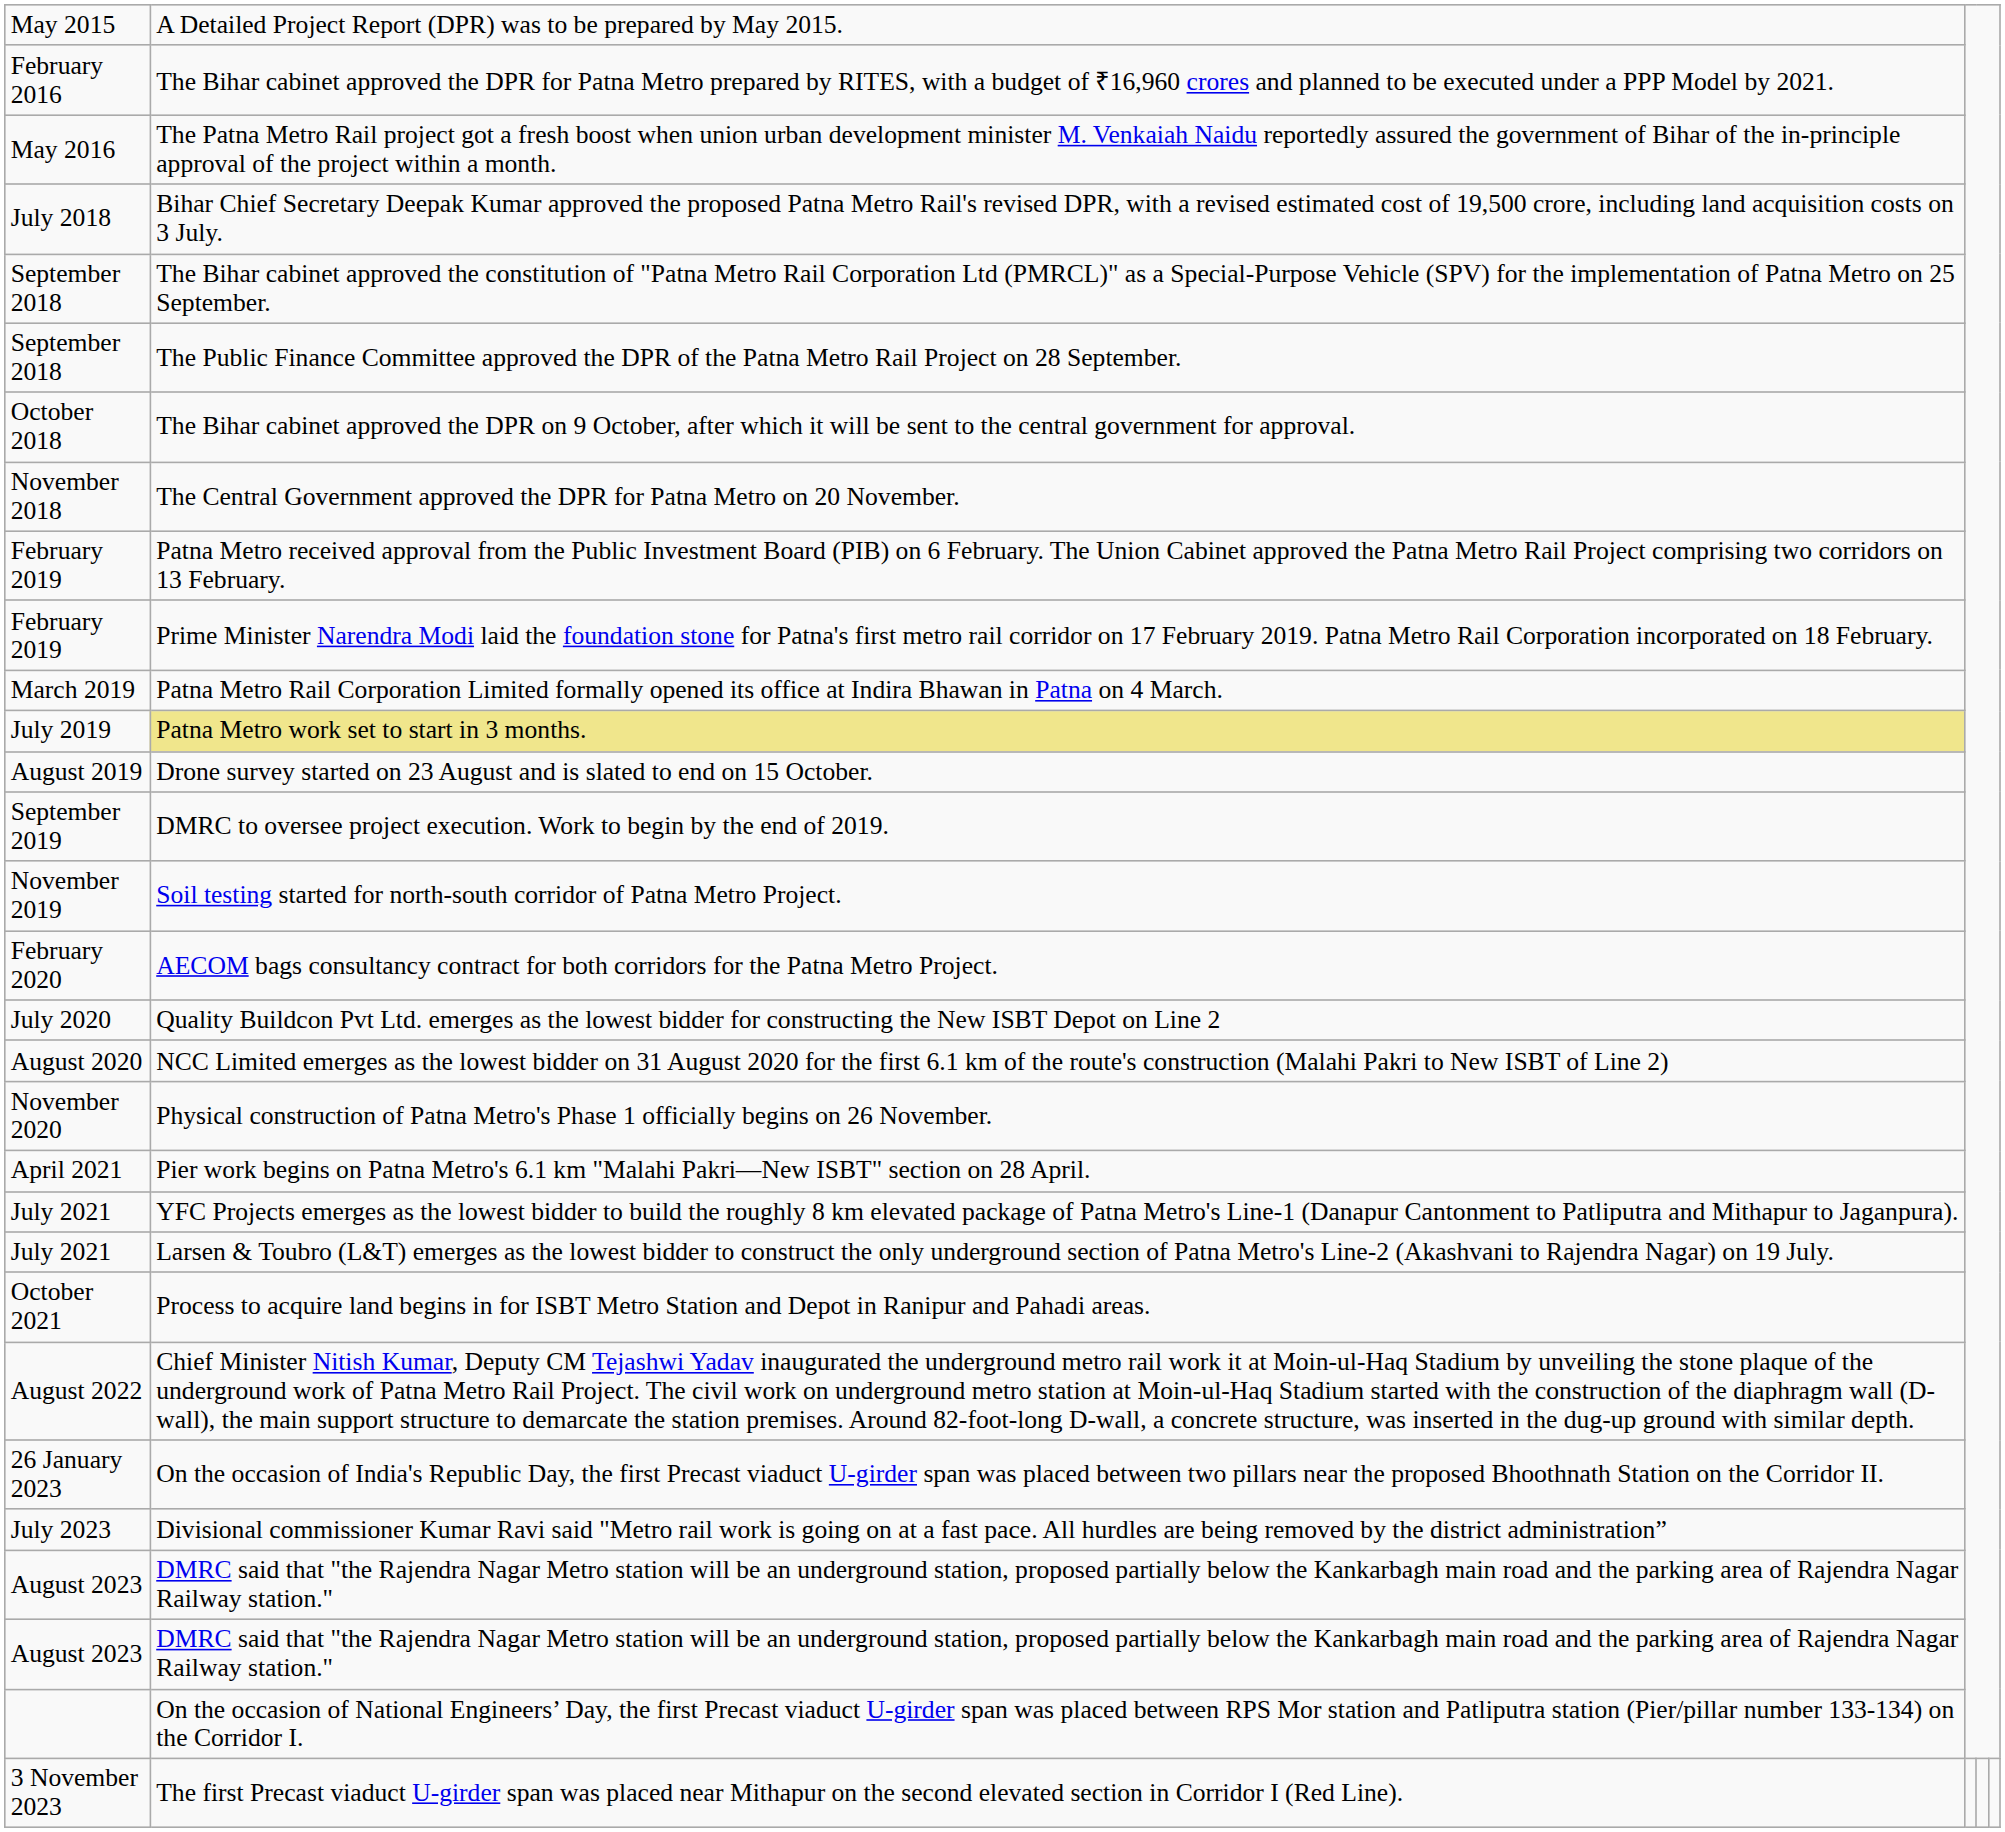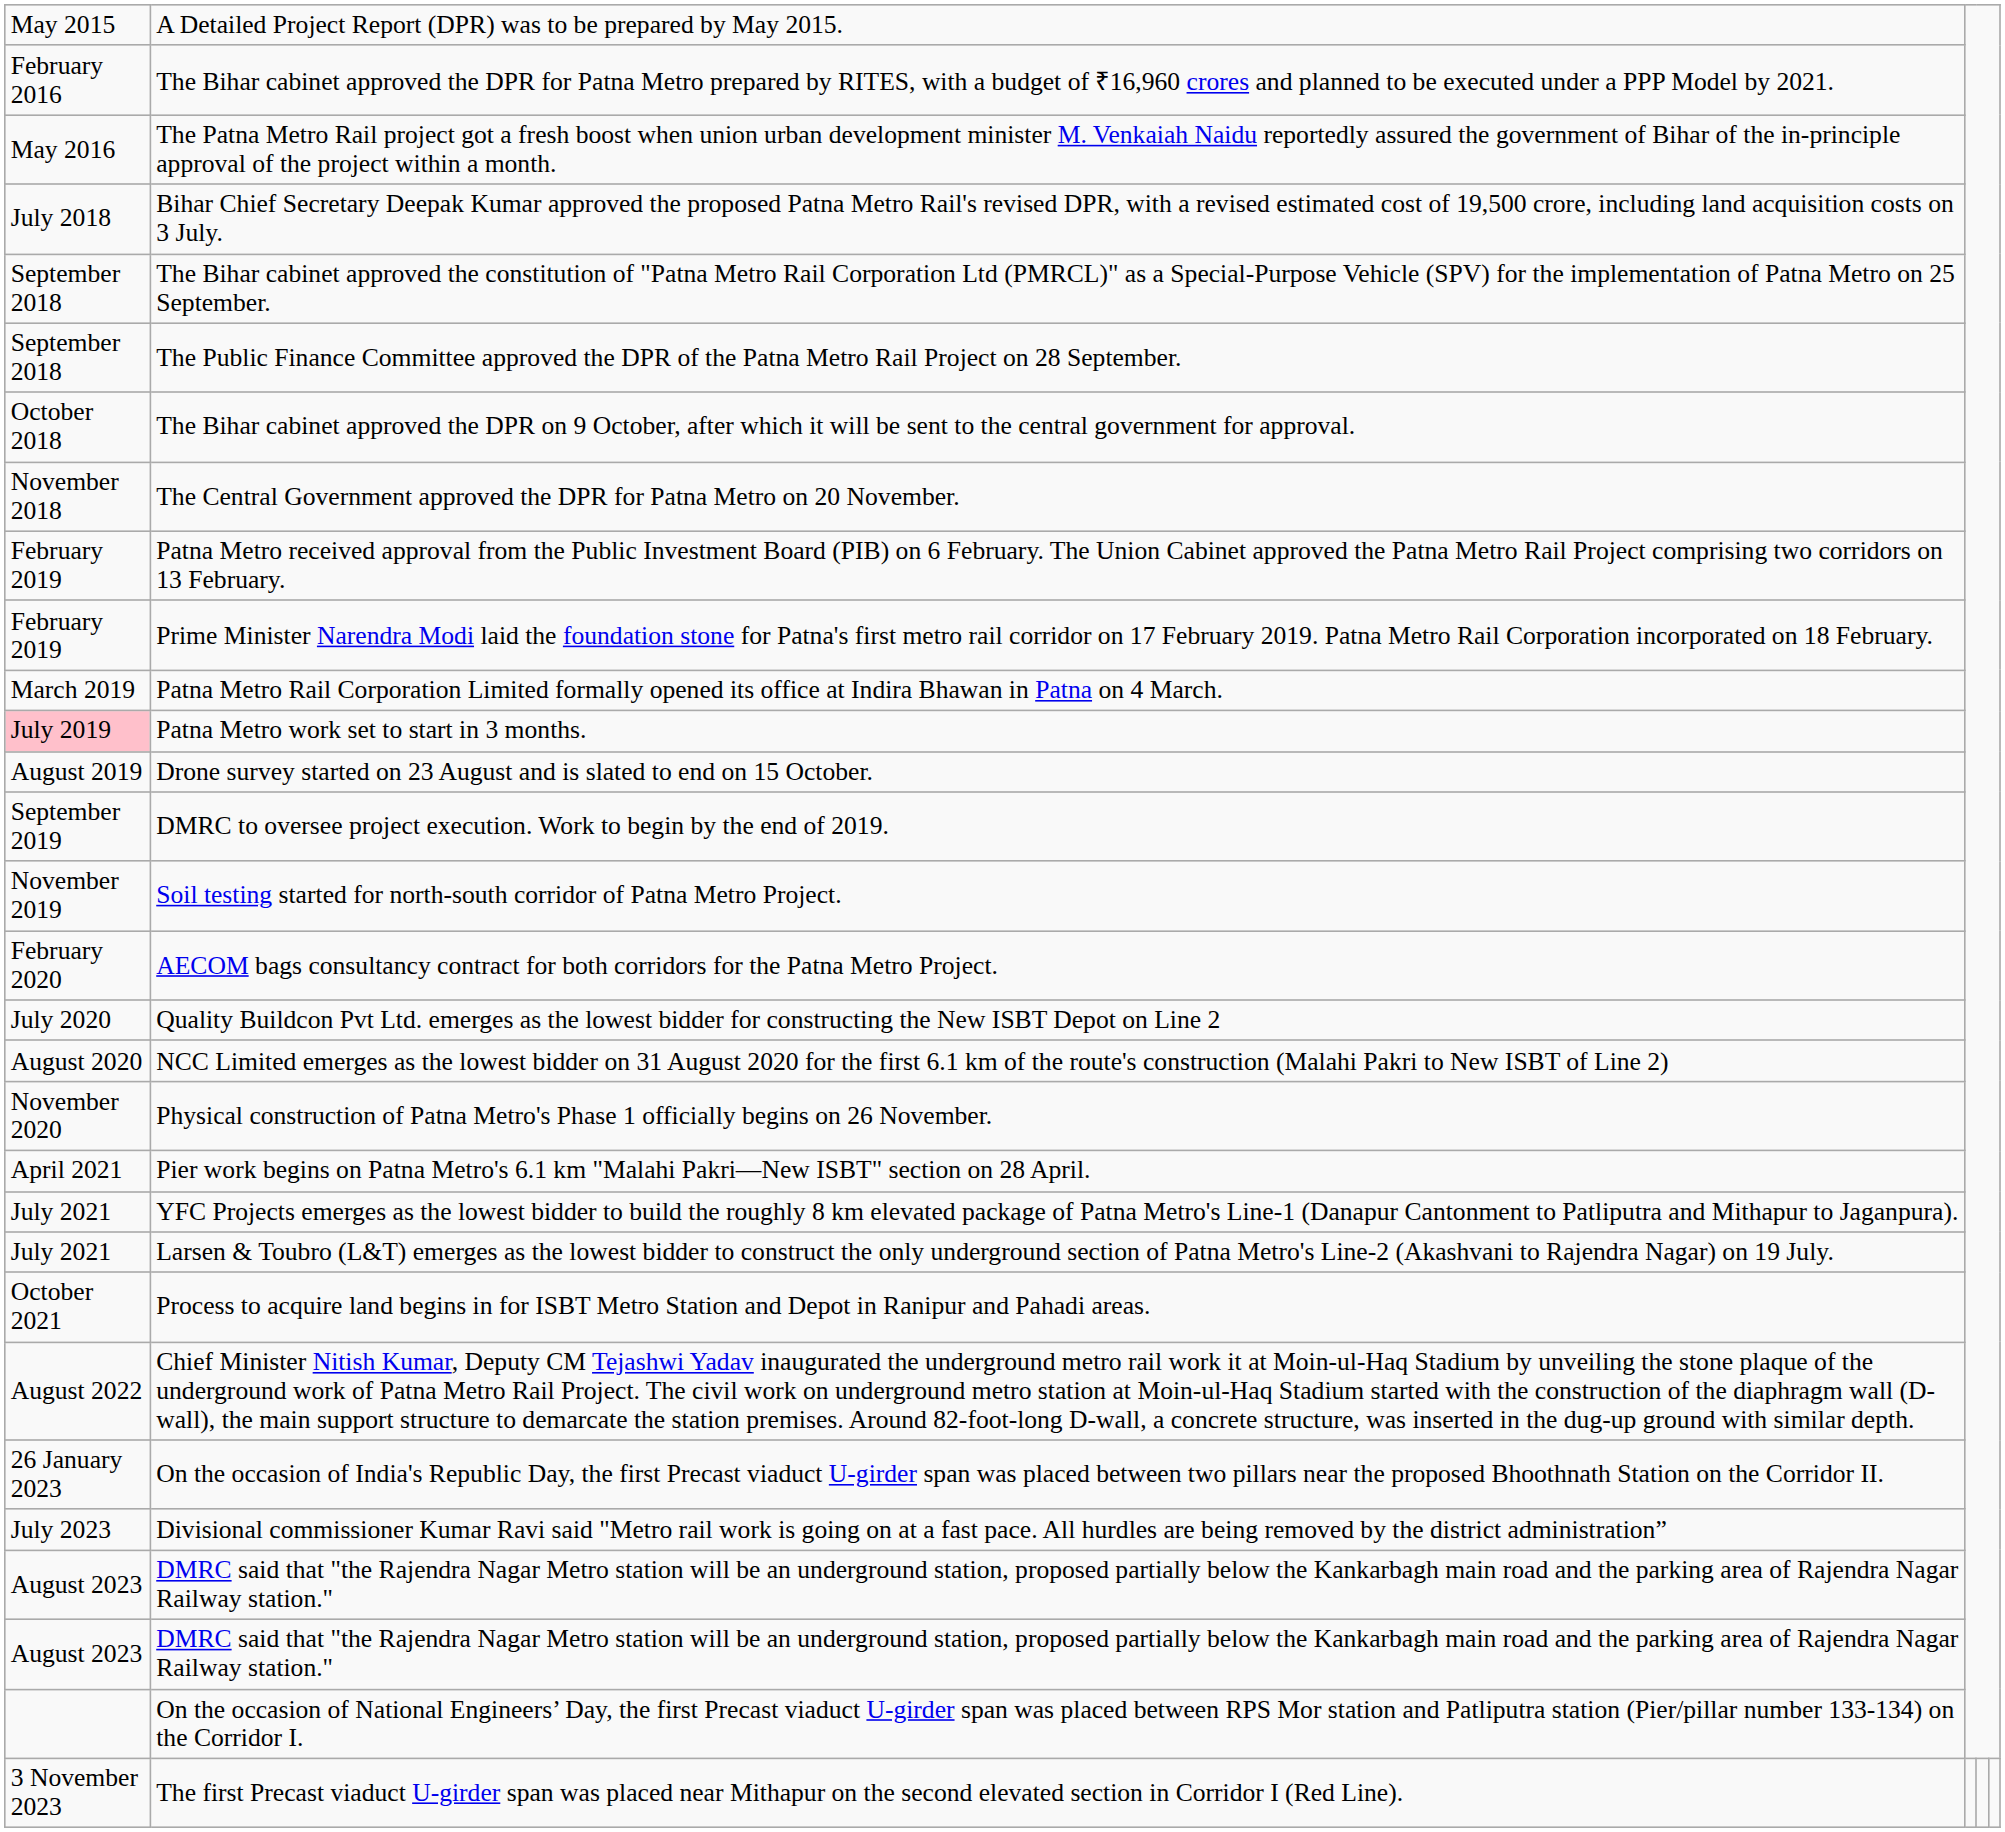 <table class="wikitable">
 <tr>
 <td>May 2015</td>
 <td>A Detailed Project Report (DPR) was to be prepared by May 2015.</td>
 </tr>
 <tr>
 <td>February 2016</td>
 <td>The Bihar cabinet approved the DPR for Patna Metro prepared by RITES, with a budget of ₹16,960 <a href='#'>crores</a> and planned to be executed under a PPP Model by 2021.</td>
 </tr>
 <tr>
 <td>May 2016</td>
 <td>The Patna Metro Rail project got a fresh boost when union urban development minister <a href='#'>M. Venkaiah Naidu</a> reportedly assured the government of Bihar of the in-principle approval of the project within a month.</td>
 </tr>
 <tr>
 <td>July 2018</td>
 <td>Bihar Chief Secretary Deepak Kumar approved the proposed Patna Metro Rail's revised DPR, with a revised estimated cost of  19,500 crore, including land acquisition costs on 3 July.</td>
 </tr>
 <tr>
 <td>September 2018</td>
 <td>The Bihar cabinet approved the constitution of "Patna Metro Rail Corporation Ltd (PMRCL)" as a Special-Purpose Vehicle (SPV) for the implementation of Patna Metro on 25 September.</td>
 </tr>
 <tr>
 <td>September 2018</td>
 <td>The Public Finance Committee approved the DPR of the Patna Metro Rail Project on 28 September.</td>
 </tr>
 <tr>
 <td>October 2018</td>
 <td>The Bihar cabinet approved the DPR on 9 October, after which it will be sent to the central government for approval.</td>
 </tr>
 <tr>
 <td>November 2018</td>
 <td>The Central Government approved the DPR for Patna Metro on 20 November.</td>
 </tr>
 <tr>
 <td>February 2019</td>
 <td>Patna Metro received approval from the Public Investment Board (PIB) on 6 February. The Union Cabinet approved the Patna Metro Rail Project comprising two corridors on 13 February.</td>
 </tr>
 <tr>
 <td>February 2019</td>
 <td>Prime Minister <a href='#'>Narendra Modi</a> laid the <a href='#'>foundation stone</a> for Patna's first metro rail corridor on 17 February 2019. Patna Metro Rail Corporation incorporated on 18 February.</td>
 </tr>
 <tr>
 <td>March 2019</td>
 <td>Patna Metro Rail Corporation Limited formally opened its office at Indira Bhawan in <a href='#'>Patna</a> on 4 March.</td>
 </tr>
 <tr>
-<td>July 2019</td>
-<td style="background: khaki;">Patna Metro work set to start in 3 months.</td>
+<td style="background: pink;">July 2019</td>
+<td>Patna Metro work set to start in 3 months.</td>
 </tr>
 <tr>
 <td>August 2019</td>
 <td>Drone survey started on 23 August and is slated to end on 15 October.</td>
 </tr>
 <tr>
 <td>September 2019</td>
 <td>DMRC to oversee project execution. Work to begin by the end of 2019.</td>
 </tr>
 <tr>
 <td>November 2019</td>
 <td><a href='#'>Soil testing</a> started for north-south corridor of Patna Metro Project.</td>
 </tr>
 <tr>
 <td>February 2020</td>
 <td><a href='#'>AECOM</a> bags consultancy contract for both corridors for the Patna Metro Project.</td>
 </tr>
 <tr>
 <td>July 2020</td>
 <td>Quality Buildcon Pvt Ltd. emerges as the lowest bidder for constructing the New ISBT Depot on Line 2</td>
 </tr>
 <tr>
 <td>August 2020</td>
 <td>NCC Limited emerges as the lowest bidder on 31 August 2020 for the first 6.1 km of the route's construction (Malahi Pakri to New ISBT of Line 2)</td>
 </tr>
 <tr>
 <td>November 2020</td>
 <td>Physical construction of Patna Metro's Phase 1 officially begins on 26 November.</td>
 </tr>
 <tr>
 <td>April 2021</td>
 <td>Pier work begins on Patna Metro's 6.1 km "Malahi Pakri—New ISBT" section on 28 April.</td>
 </tr>
 <tr>
 <td>July 2021</td>
 <td>YFC Projects emerges as the lowest bidder to build the roughly 8 km elevated package of Patna Metro's Line-1 (Danapur Cantonment to Patliputra and Mithapur to Jaganpura).</td>
 </tr>
 <tr>
 <td>July 2021</td>
 <td>Larsen & Toubro (L&T) emerges as the lowest bidder to construct the only underground section of Patna Metro's Line-2 (Akashvani to Rajendra Nagar) on 19 July.</td>
 </tr>
 <tr>
 <td>October 2021</td>
 <td>Process to acquire land begins in for ISBT Metro Station and Depot in Ranipur and Pahadi areas.</td>
 </tr>
 <tr>
 <td>August 2022</td>
 <td>Chief Minister <a href='#'>Nitish Kumar</a>, Deputy CM <a href='#'>Tejashwi Yadav</a> inaugurated the underground metro rail work it at Moin-ul-Haq Stadium by unveiling the stone plaque of the underground work of Patna Metro Rail Project. The civil work on underground metro station at Moin-ul-Haq Stadium started with the construction of the diaphragm wall (D-wall), the main support structure to demarcate the station premises. Around 82-foot-long D-wall, a concrete structure, was inserted in the dug-up ground with similar depth.</td>
 </tr>
 <tr>
 <td>26 January 2023</td>
 <td>On the occasion of India's Republic Day, the first Precast viaduct <a href='#'>U-girder</a> span was placed between two pillars near the proposed Bhoothnath Station on the Corridor II.</td>
 </tr>
 <tr>
 <td>July 2023</td>
 <td>Divisional commissioner Kumar Ravi said "Metro rail work is going on at a fast pace. All hurdles are being removed by the district administration”</td>
 </tr>
 <tr>
 <td>August 2023</td>
 <td><a href='#'>DMRC</a> said that "the Rajendra Nagar Metro station will be an underground station, proposed partially below the Kankarbagh main road and the parking area of Rajendra Nagar Railway station."</td>
 </tr>
 <tr>
 <td>August 2023</td>
 <td><a href='#'>DMRC</a> said that "the Rajendra Nagar Metro station will be an underground station, proposed partially below the Kankarbagh main road and the parking area of Rajendra Nagar Railway station."</td>
 </tr>
 <tr>
 <td></td>
 <td>On the occasion of National Engineers’ Day,  the first Precast viaduct <a href='#'>U-girder</a> span was placed between RPS Mor station and Patliputra station (Pier/pillar number 133-134) on the Corridor I.</td>
 </tr>
 <tr>
 <td>3 November 2023</td>
 <td>The first Precast viaduct <a href='#'>U-girder</a> span was placed near Mithapur on the second elevated section in Corridor I (Red Line).</td>
 <td></td>
 <td></td>
 <td></td>
 </tr>
 </table>
